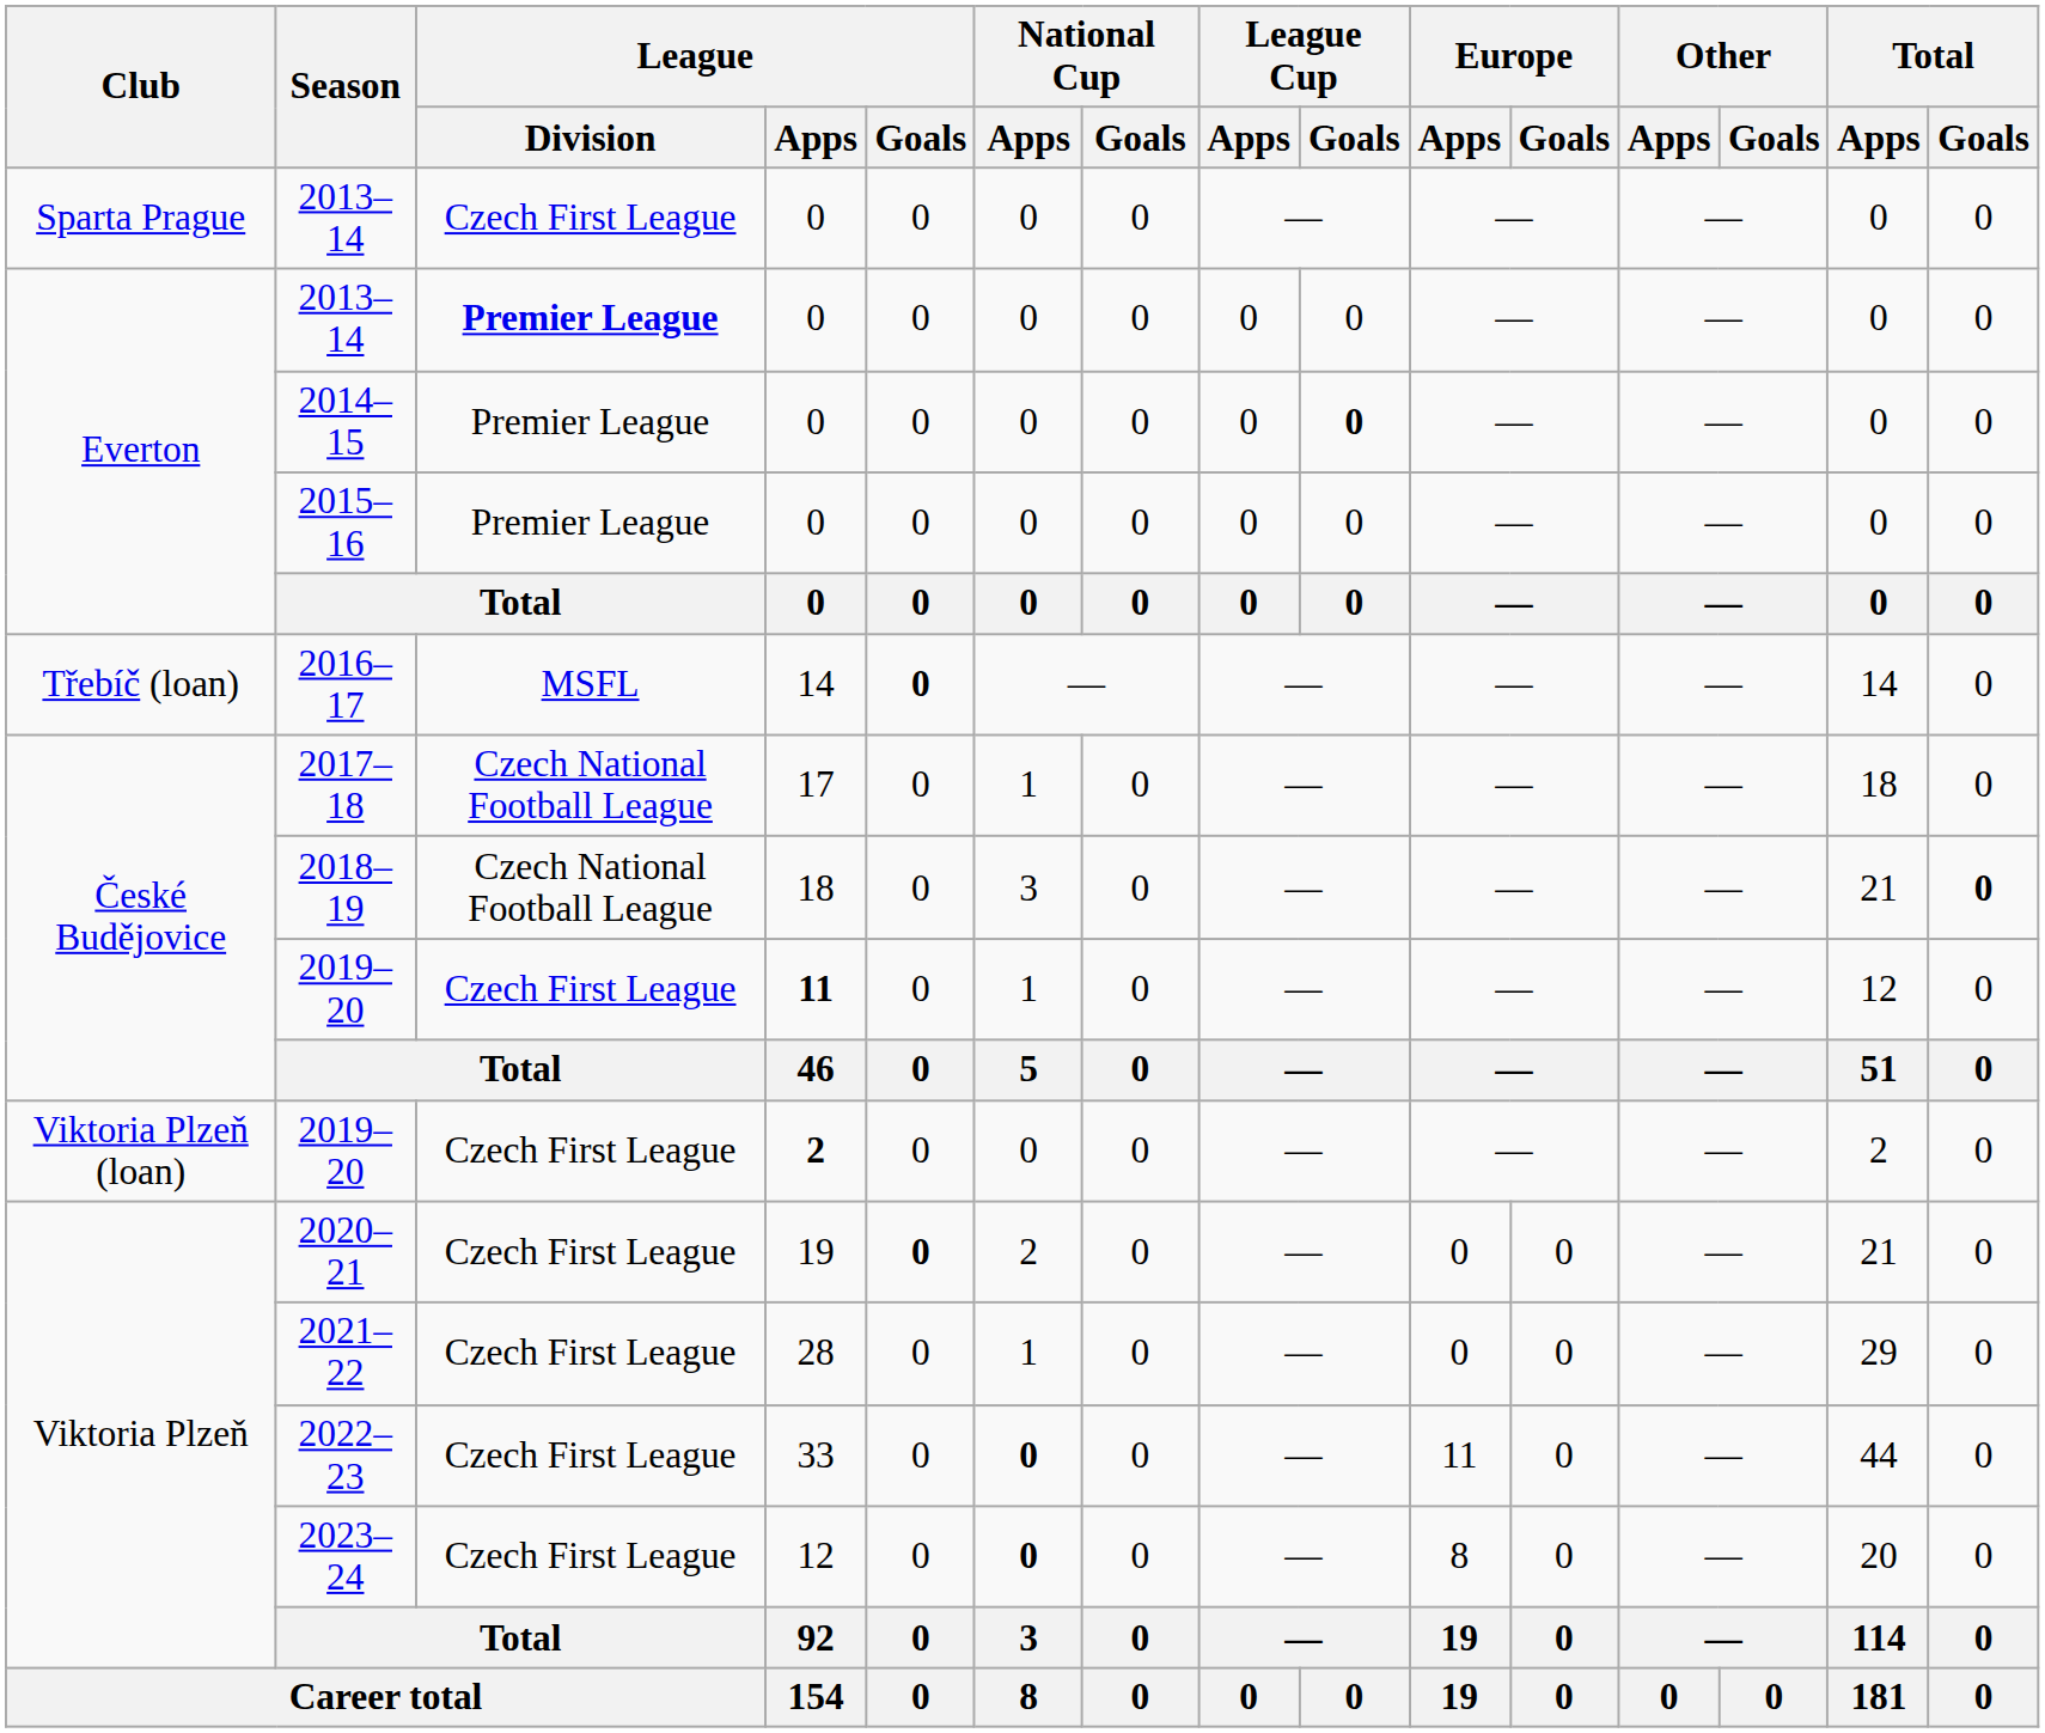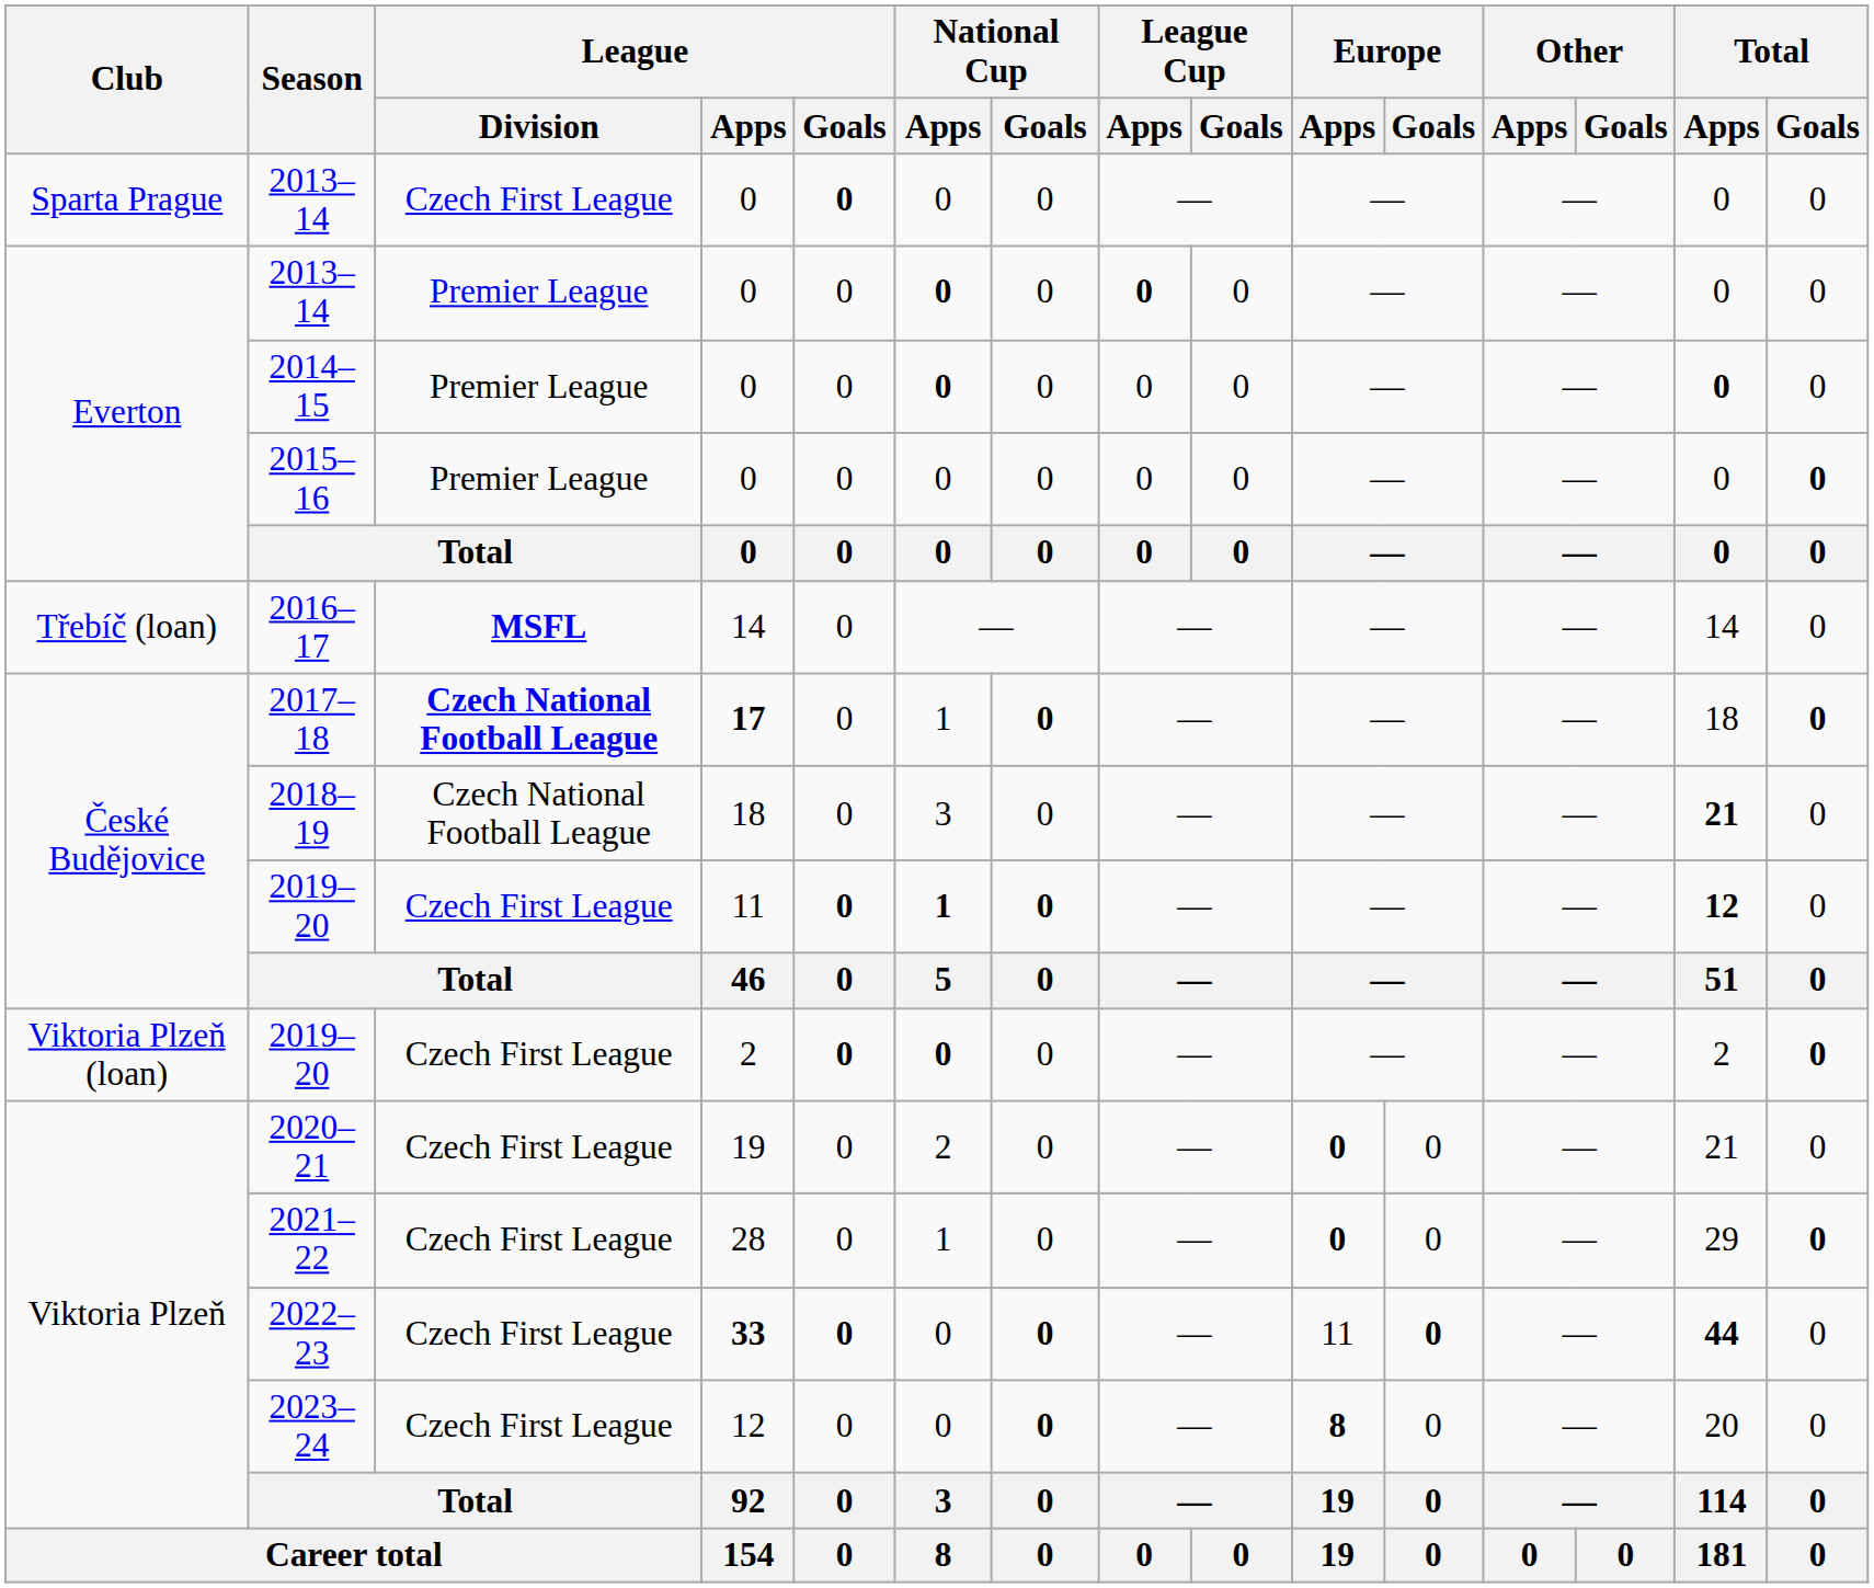 <table class=wikitable style=text-align:center>
 <tr>
 <th rowspan="2">Club</th>
 <th rowspan="2">Season</th>
 <th colspan="3">League</th>
 <th colspan="2">National Cup</th>
 <th colspan="2">League Cup</th>
 <th colspan="2">Europe</th>
 <th colspan="2">Other</th>
 <th colspan="2">Total</th>
 </tr>
 <tr>
 <th>Division</th>
 <th>Apps</th>
 <th>Goals</th>
 <th>Apps</th>
 <th>Goals</th>
 <th>Apps</th>
 <th>Goals</th>
 <th>Apps</th>
 <th>Goals</th>
 <th>Apps</th>
 <th>Goals</th>
 <th>Apps</th>
 <th>Goals</th>
 </tr>
 <tr>
 <td><a href='#'>Sparta Prague</a></td>
 <td><a href='#'>2013–14</a></td>
 <td><a href='#'>Czech First League</a></td>
 <td>0</td>
-<td>0</td>
+<td><strong>0</strong></td>
 <td>0</td>
 <td>0</td>
 <td colspan="2">—</td>
 <td colspan="2">—</td>
 <td colspan="2">—</td>
 <td>0</td>
 <td>0</td>
 </tr>
 <tr>
 <td rowspan="4"><a href='#'>Everton</a></td>
 <td><a href='#'>2013–14</a></td>
-<td><strong><a href='#'>Premier League</a></strong></td>
+<td><a href='#'>Premier League</a></td>
 <td>0</td>
 <td>0</td>
+<td><strong>0</strong></td>
 <td>0</td>
-<td>0</td>
-<td>0</td>
+<td><strong>0</strong></td>
 <td>0</td>
 <td colspan="2">—</td>
 <td colspan="2">—</td>
 <td>0</td>
 <td>0</td>
 </tr>
 <tr>
 <td><a href='#'>2014–15</a></td>
 <td>Premier League</td>
 <td>0</td>
 <td>0</td>
+<td><strong>0</strong></td>
 <td>0</td>
 <td>0</td>
 <td>0</td>
-<td><strong>0</strong></td>
 <td colspan="2">—</td>
 <td colspan="2">—</td>
-<td>0</td>
+<td><strong>0</strong></td>
 <td>0</td>
 </tr>
 <tr>
 <td><a href='#'>2015–16</a></td>
 <td>Premier League</td>
 <td>0</td>
 <td>0</td>
 <td>0</td>
 <td>0</td>
 <td>0</td>
 <td>0</td>
 <td colspan="2">—</td>
 <td colspan="2">—</td>
 <td>0</td>
-<td>0</td>
+<td><strong>0</strong></td>
 </tr>
 <tr>
 <th colspan=2>Total</th>
 <th>0</th>
 <th>0</th>
 <th>0</th>
 <th>0</th>
 <th>0</th>
 <th>0</th>
 <th colspan="2">—</th>
 <th colspan="2">—</th>
 <th>0</th>
 <th>0</th>
 </tr>
 <tr>
 <td><a href='#'>Třebíč</a> (loan)</td>
 <td><a href='#'>2016–17</a></td>
-<td><a href='#'>MSFL</a></td>
+<td><strong><a href='#'>MSFL</a></strong></td>
 <td>14</td>
-<td><strong>0</strong></td>
+<td>0</td>
 <td colspan="2">—</td>
 <td colspan="2">—</td>
 <td colspan="2">—</td>
 <td colspan="2">—</td>
 <td>14</td>
 <td>0</td>
 </tr>
 <tr>
 <td rowspan="4"><a href='#'>České Budějovice</a></td>
 <td><a href='#'>2017–18</a></td>
-<td><a href='#'>Czech National Football League</a></td>
-<td>17</td>
+<td><strong><a href='#'>Czech National Football League</a></strong></td>
+<td><strong>17</strong></td>
 <td>0</td>
 <td>1</td>
-<td>0</td>
+<td><strong>0</strong></td>
 <td colspan="2">—</td>
 <td colspan="2">—</td>
 <td colspan="2">—</td>
 <td>18</td>
-<td>0</td>
+<td><strong>0</strong></td>
 </tr>
 <tr>
 <td><a href='#'>2018–19</a></td>
 <td>Czech National Football League</td>
 <td>18</td>
 <td>0</td>
 <td>3</td>
 <td>0</td>
 <td colspan="2">—</td>
 <td colspan="2">—</td>
 <td colspan="2">—</td>
-<td>21</td>
-<td><strong>0</strong></td>
+<td><strong>21</strong></td>
+<td>0</td>
 </tr>
 <tr>
 <td><a href='#'>2019–20</a></td>
 <td><a href='#'>Czech First League</a></td>
-<td><strong>11</strong></td>
-<td>0</td>
-<td>1</td>
-<td>0</td>
+<td>11</td>
+<td><strong>0</strong></td>
+<td><strong>1</strong></td>
+<td><strong>0</strong></td>
 <td colspan="2">—</td>
 <td colspan="2">—</td>
 <td colspan="2">—</td>
-<td>12</td>
+<td><strong>12</strong></td>
 <td>0</td>
 </tr>
 <tr>
 <th colspan=2>Total</th>
 <th>46</th>
 <th>0</th>
 <th>5</th>
 <th>0</th>
 <th colspan="2">—</th>
 <th colspan="2">—</th>
 <th colspan="2">—</th>
 <th>51</th>
 <th>0</th>
 </tr>
 <tr>
 <td><a href='#'>Viktoria Plzeň</a> (loan)</td>
 <td><a href='#'>2019–20</a></td>
 <td>Czech First League</td>
-<td><strong>2</strong></td>
-<td>0</td>
-<td>0</td>
+<td>2</td>
+<td><strong>0</strong></td>
+<td><strong>0</strong></td>
 <td>0</td>
 <td colspan="2">—</td>
 <td colspan="2">—</td>
 <td colspan="2">—</td>
 <td>2</td>
-<td>0</td>
+<td><strong>0</strong></td>
 </tr>
 <tr>
 <td rowspan="5">Viktoria Plzeň</td>
 <td><a href='#'>2020–21</a></td>
 <td>Czech First League</td>
 <td>19</td>
-<td><strong>0</strong></td>
+<td>0</td>
 <td>2</td>
 <td>0</td>
 <td colspan="2">—</td>
-<td>0</td>
+<td><strong>0</strong></td>
 <td>0</td>
 <td colspan="2">—</td>
 <td>21</td>
 <td>0</td>
 </tr>
 <tr>
 <td><a href='#'>2021–22</a></td>
 <td>Czech First League</td>
 <td>28</td>
 <td>0</td>
 <td>1</td>
 <td>0</td>
 <td colspan="2">—</td>
-<td>0</td>
+<td><strong>0</strong></td>
 <td>0</td>
 <td colspan="2">—</td>
 <td>29</td>
-<td>0</td>
+<td><strong>0</strong></td>
 </tr>
 <tr>
 <td><a href='#'>2022–23</a></td>
 <td>Czech First League</td>
-<td>33</td>
+<td><strong>33</strong></td>
+<td><strong>0</strong></td>
 <td>0</td>
 <td><strong>0</strong></td>
-<td>0</td>
 <td colspan="2">—</td>
 <td>11</td>
-<td>0</td>
+<td><strong>0</strong></td>
 <td colspan="2">—</td>
-<td>44</td>
+<td><strong>44</strong></td>
 <td>0</td>
 </tr>
 <tr>
 <td><a href='#'>2023–24</a></td>
 <td>Czech First League</td>
 <td>12</td>
 <td>0</td>
+<td>0</td>
 <td><strong>0</strong></td>
-<td>0</td>
 <td colspan="2">—</td>
-<td>8</td>
+<td><strong>8</strong></td>
 <td>0</td>
 <td colspan="2">—</td>
 <td>20</td>
 <td>0</td>
 </tr>
 <tr>
 <th colspan=2>Total</th>
 <th>92</th>
 <th>0</th>
 <th>3</th>
 <th>0</th>
 <th colspan="2">—</th>
 <th>19</th>
 <th>0</th>
 <th colspan="2">—</th>
 <th>114</th>
 <th>0</th>
 </tr>
 <tr>
 <th colspan=3>Career total</th>
 <th>154</th>
 <th>0</th>
 <th>8</th>
 <th>0</th>
 <th>0</th>
 <th>0</th>
 <th>19</th>
 <th>0</th>
 <th>0</th>
 <th>0</th>
 <th>181</th>
 <th>0</th>
 </tr>
 </table>
